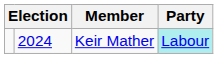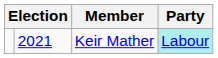 <table class="wikitable">
 <tr>
 <th colspan="2">Election</th>
 <th>Member</th>
 <th>Party</th>
 </tr>
 <tr>
 <td style="color:inherit;background-color: "></td>
-<td><a href='#'>2024</a></td>
+<td><a href='#'>2021</a></td>
 <td><a href='#'>Keir Mather</a></td>
 <td style="background: paleturquoise;"><a href='#'>Labour</a></td>
 </tr>
 </table>
